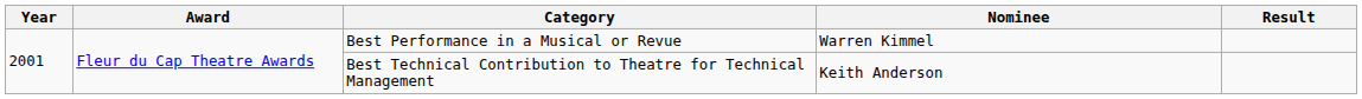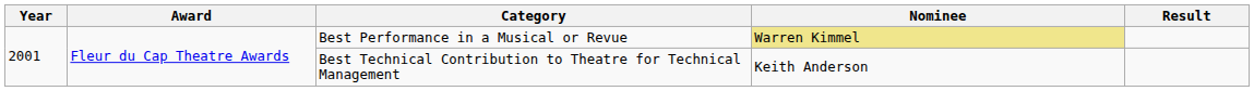 <table class="wikitable" style="width:95%;">
 <tr>
 <th width=5%>Year</th>
 <th style="width:20%;">Award</th>
 <th style="width:35%;">Category</th>
 <th style="width:30%;">Nominee</th>
 <th style="width:10%;">Result</th>
 </tr>
 <tr>
 <td rowspan="2">2001</td>
 <td rowspan="2"><a href='#'>Fleur du Cap Theatre Awards</a></td>
 <td>Best Performance in a Musical or Revue</td>
-<td>Warren Kimmel</td>
+<td style="background: khaki;">Warren Kimmel</td>
 <td></td>
 </tr>
 <tr>
 <td>Best Technical Contribution to Theatre for Technical Management</td>
 <td>Keith Anderson</td>
 <td></td>
 </tr>
 </table>
